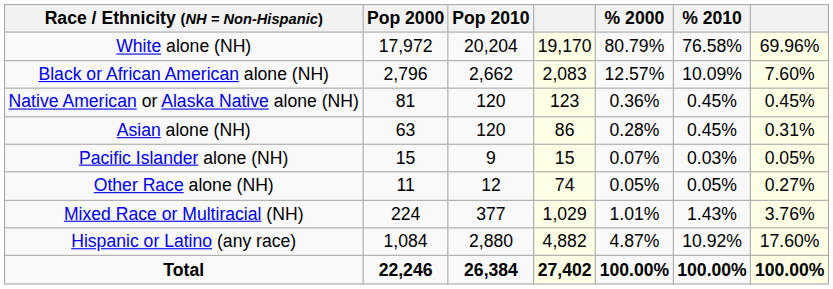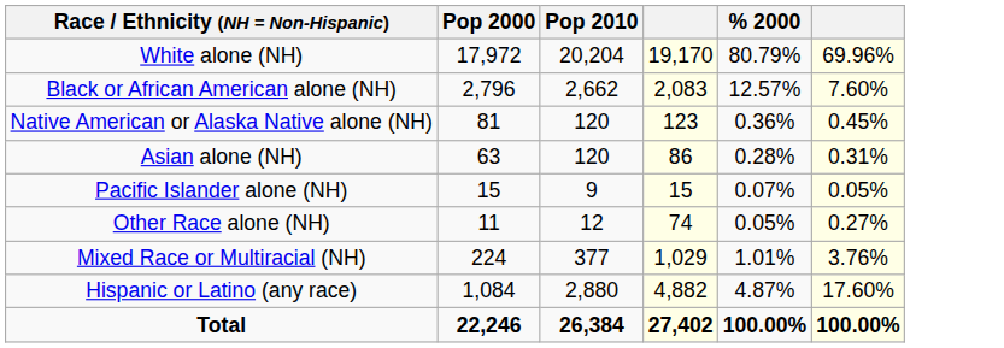 <table class="wikitable" style="text-align:center;">
 <tr>
 <th>Race / Ethnicity <small>(<em>NH = Non-Hispanic</em>)</small></th>
 <th>Pop 2000</th>
 <th>Pop 2010</th>
 <th></th>
 <th>% 2000</th>
-<th>% 2010</th>
 <th></th>
 </tr>
 <tr>
 <td><a href='#'>White</a> alone (NH)</td>
 <td>17,972</td>
 <td>20,204</td>
 <td style='background: #ffffe6;'>19,170</td>
 <td>80.79%</td>
-<td>76.58%</td>
 <td style='background: #ffffe6;'>69.96%</td>
 </tr>
 <tr>
 <td><a href='#'>Black or African American</a> alone (NH)</td>
 <td>2,796</td>
 <td>2,662</td>
 <td style='background: #ffffe6;'>2,083</td>
 <td>12.57%</td>
-<td>10.09%</td>
 <td style='background: #ffffe6;'>7.60%</td>
 </tr>
 <tr>
 <td><a href='#'>Native American</a> or <a href='#'>Alaska Native</a> alone (NH)</td>
 <td>81</td>
 <td>120</td>
 <td style='background: #ffffe6;'>123</td>
 <td>0.36%</td>
-<td>0.45%</td>
 <td style='background: #ffffe6;'>0.45%</td>
 </tr>
 <tr>
 <td><a href='#'>Asian</a> alone (NH)</td>
 <td>63</td>
 <td>120</td>
 <td style='background: #ffffe6;'>86</td>
 <td>0.28%</td>
-<td>0.45%</td>
 <td style='background: #ffffe6;'>0.31%</td>
 </tr>
 <tr>
 <td><a href='#'>Pacific Islander</a> alone (NH)</td>
 <td>15</td>
 <td>9</td>
 <td style='background: #ffffe6;'>15</td>
 <td>0.07%</td>
-<td>0.03%</td>
 <td style='background: #ffffe6;'>0.05%</td>
 </tr>
 <tr>
 <td><a href='#'>Other Race</a> alone (NH)</td>
 <td>11</td>
 <td>12</td>
 <td style='background: #ffffe6;'>74</td>
-<td>0.05%</td>
 <td>0.05%</td>
 <td style='background: #ffffe6;'>0.27%</td>
 </tr>
 <tr>
 <td><a href='#'>Mixed Race or Multiracial</a> (NH)</td>
 <td>224</td>
 <td>377</td>
 <td style='background: #ffffe6;'>1,029</td>
 <td>1.01%</td>
-<td>1.43%</td>
 <td style='background: #ffffe6;'>3.76%</td>
 </tr>
 <tr>
 <td><a href='#'>Hispanic or Latino</a> (any race)</td>
 <td>1,084</td>
 <td>2,880</td>
 <td style='background: #ffffe6;'>4,882</td>
 <td>4.87%</td>
-<td>10.92%</td>
 <td style='background: #ffffe6;'>17.60%</td>
 </tr>
 <tr>
 <td><strong>Total</strong></td>
 <td><strong>22,246</strong></td>
 <td><strong>26,384</strong></td>
 <td style='background: #ffffe6;'><strong>27,402</strong></td>
 <td><strong>100.00%</strong></td>
-<td><strong>100.00%</strong></td>
 <td style='background: #ffffe6;'><strong>100.00%</strong></td>
 </tr>
 </table>
